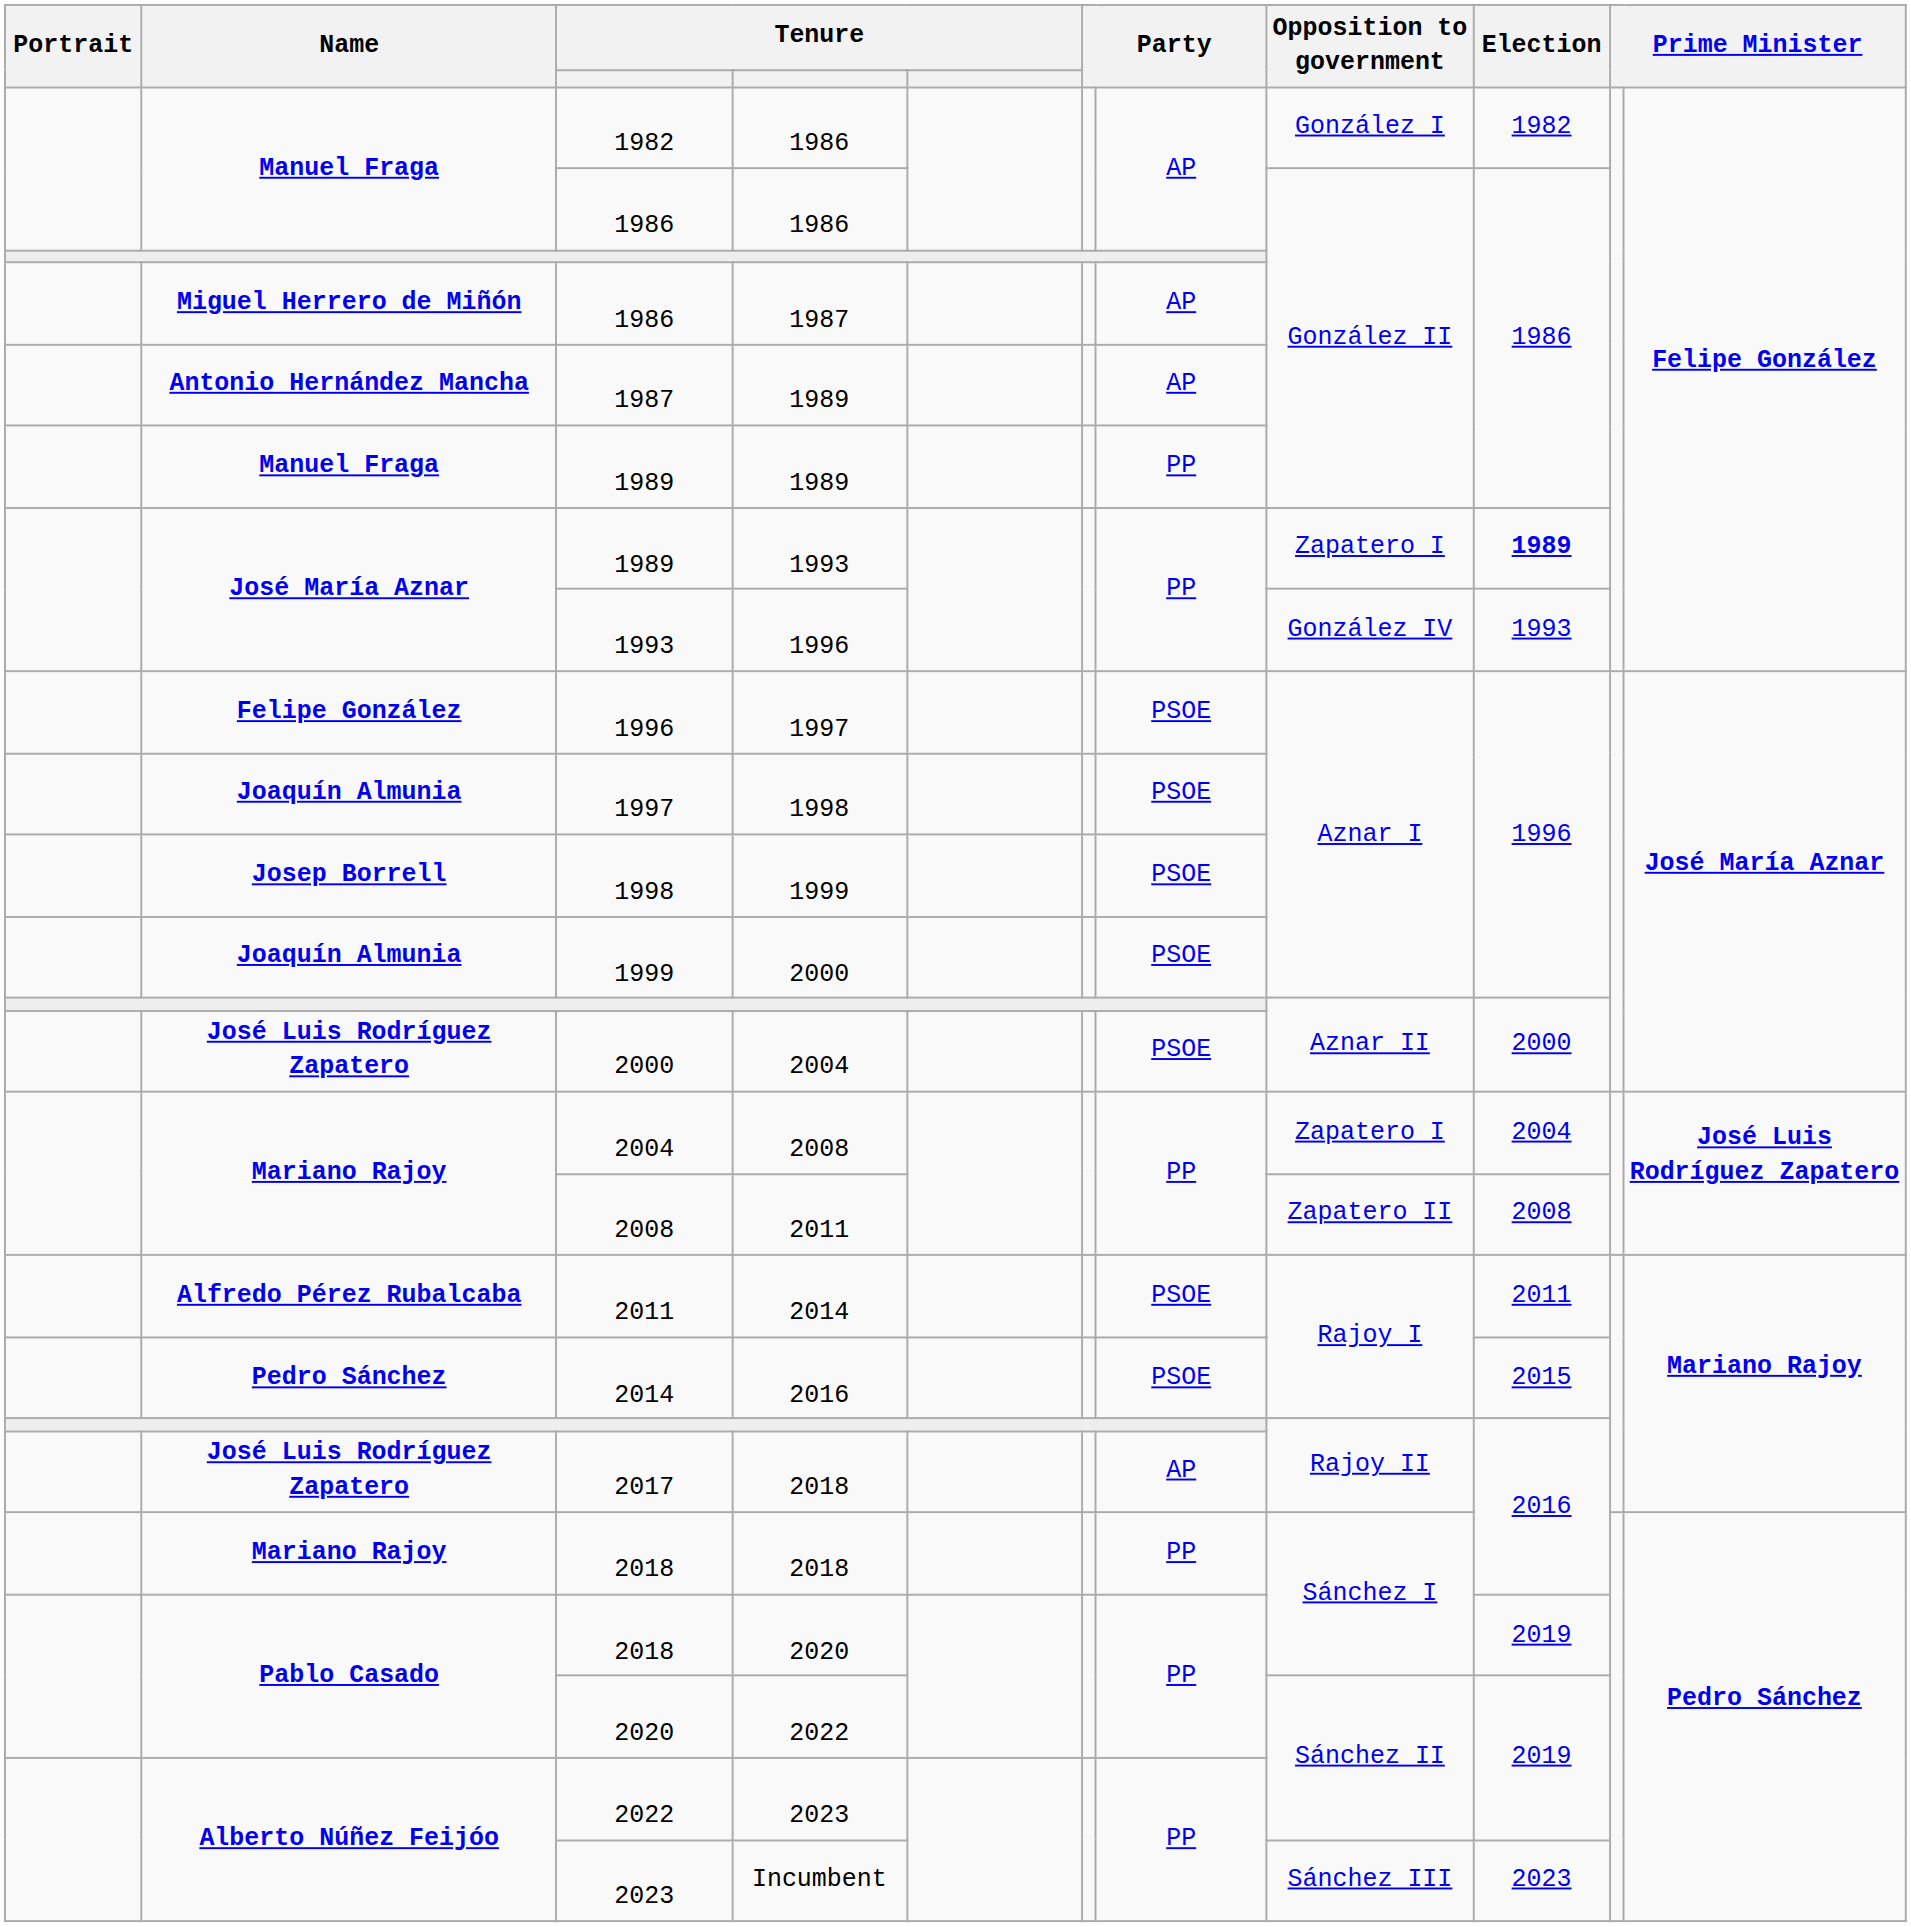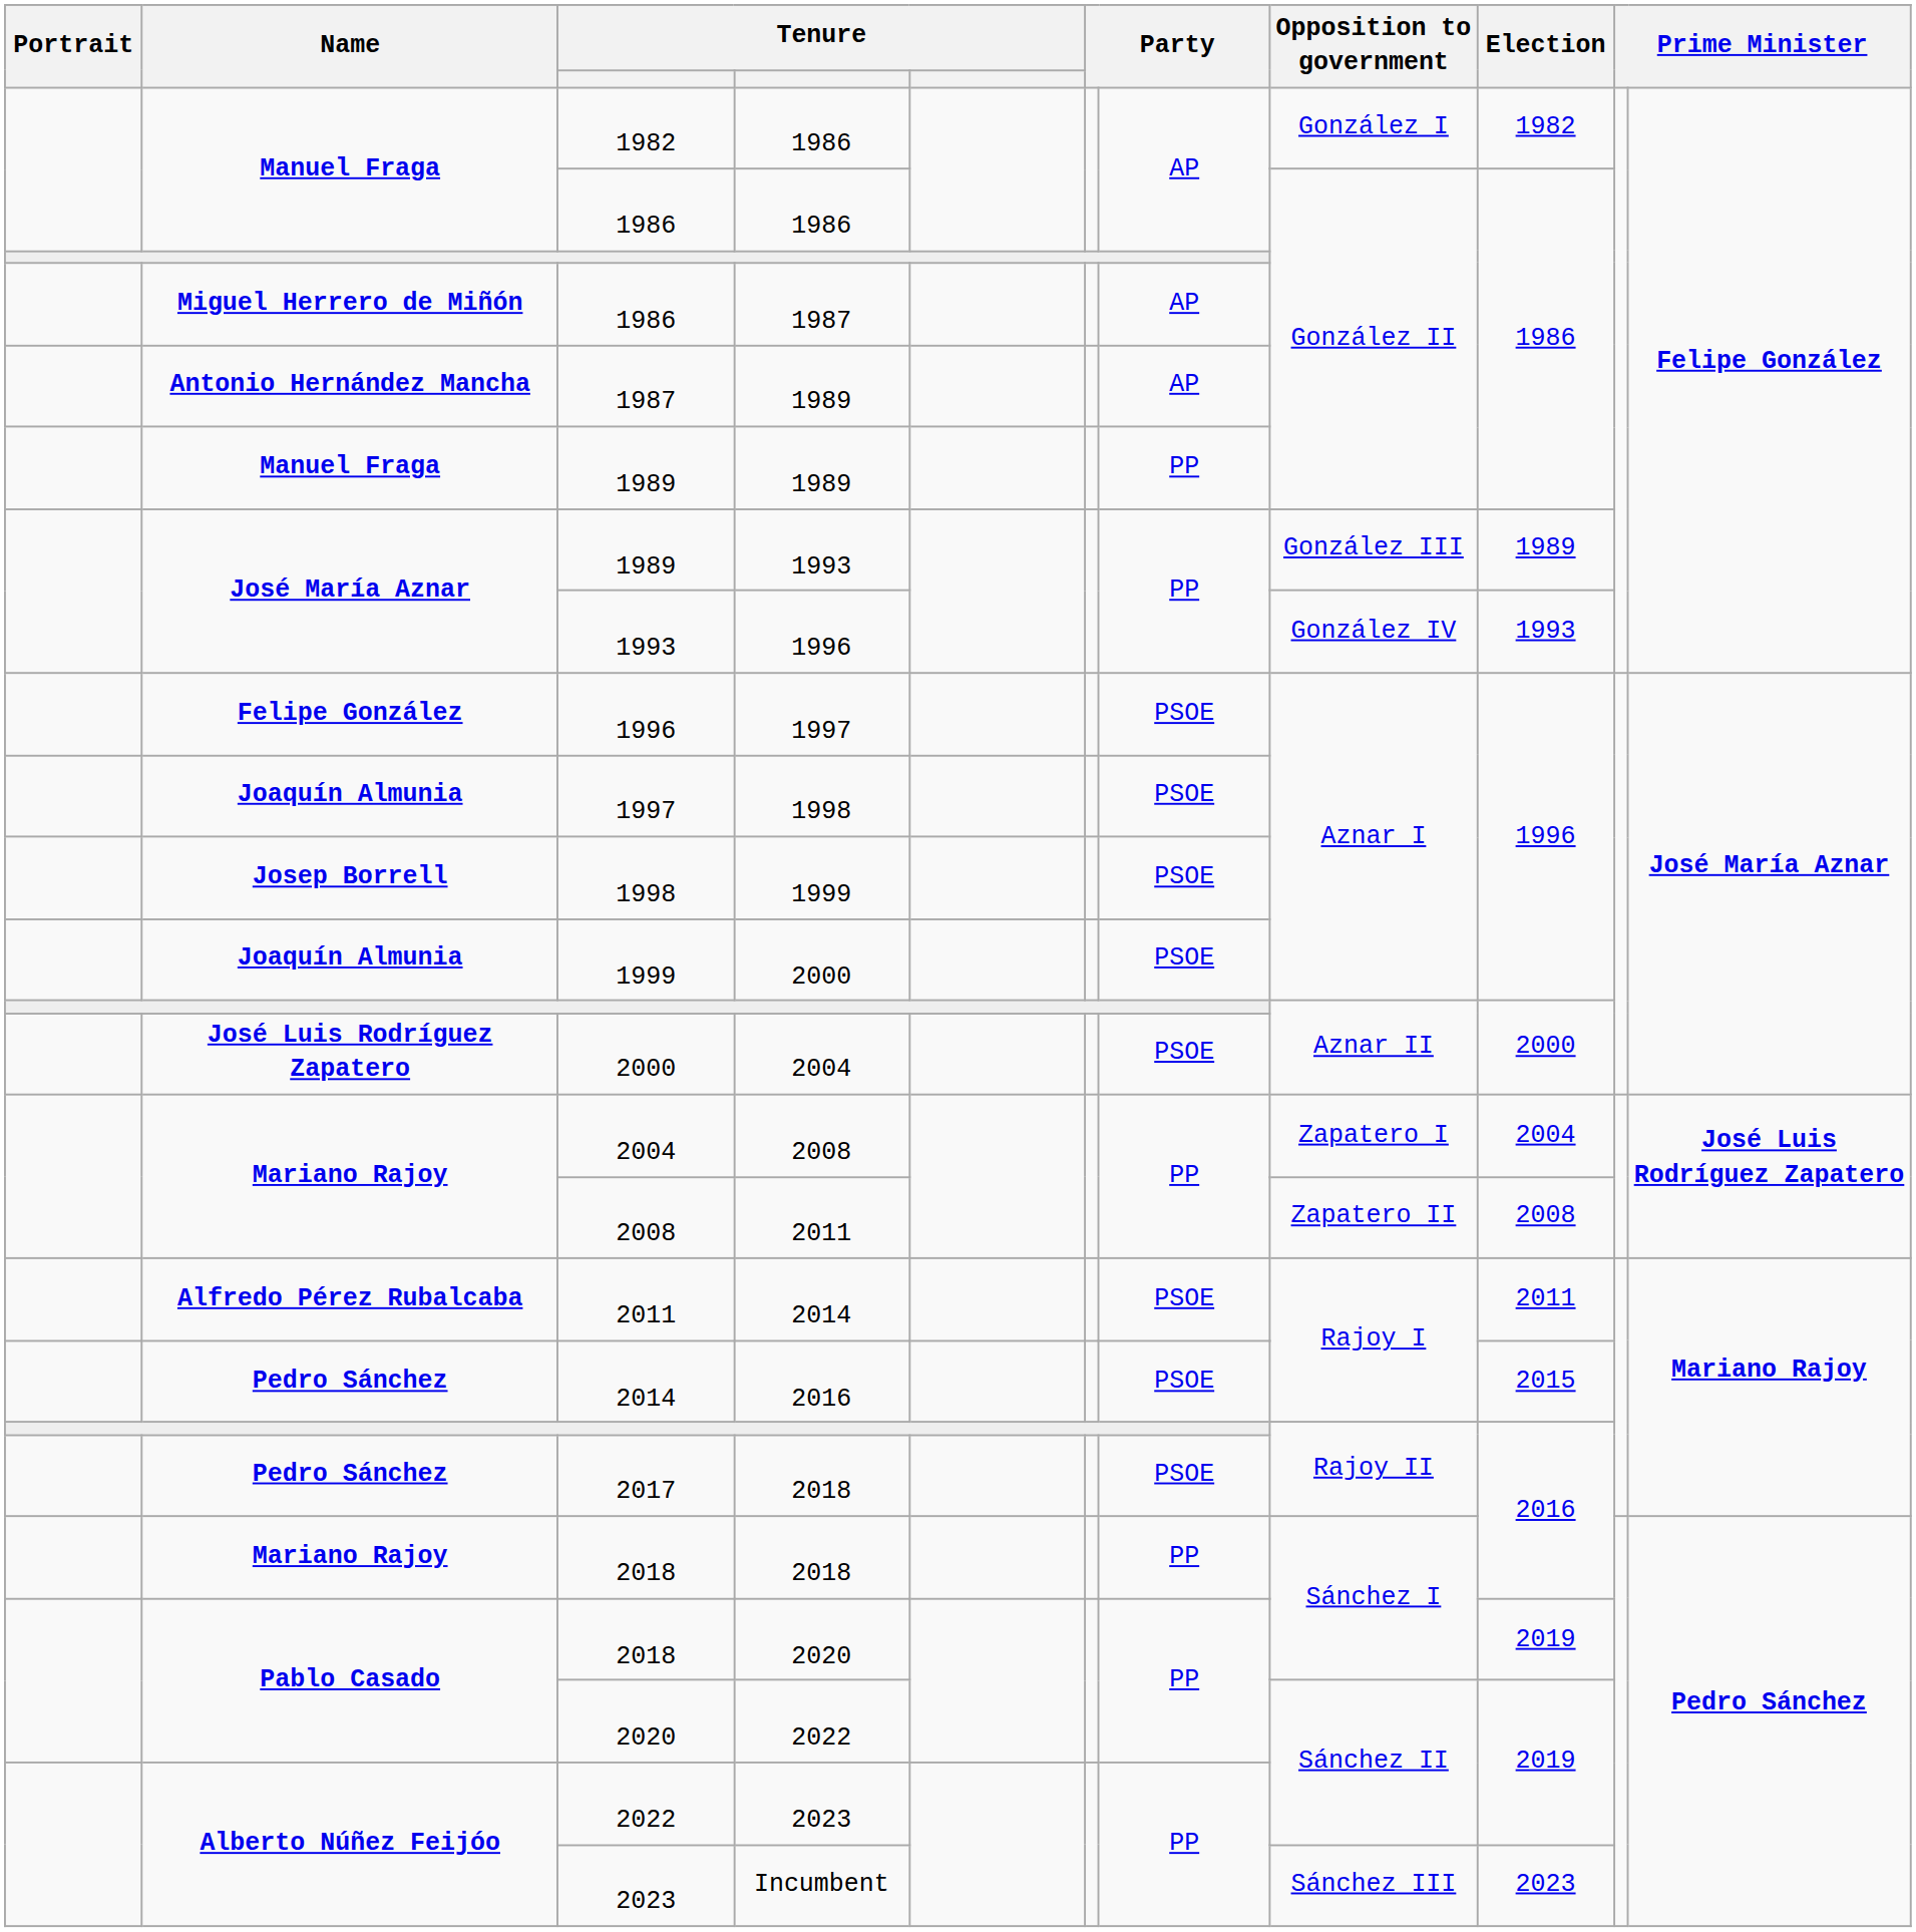 <table class="wikitable" style="line-height:1.4em; text-align:center; border:1px #aaf solid;">
 <tr>
 <th rowspan="2" width="65">Portrait</th>
 <th rowspan="2" width="210">Name<br></th>
 <th colspan="3">Tenure</th>
 <th rowspan="2" colspan="2" width="90">Party</th>
 <th rowspan="2">Opposition to<br>government</th>
 <th rowspan="2" width="65">Election</th>
 <th rowspan="2" colspan="2"><a href='#'>Prime Minister</a><br></th>
 </tr>
 <tr>
 <th width="85"></th>
 <th width="85"></th>
 <th width="85"></th>
 </tr>
 <tr>
 <td rowspan="2"></td>
 <td rowspan="2"><strong><a href='#'>Manuel Fraga</a></strong><br></td>
 <td class="nowrap"><br>1982</td>
 <td class="nowrap"><br>1986</td>
 <td rowspan="2" style="font-size:95%;"></td>
 <td rowspan="2" width="1" style="color:inherit;background:"></td>
 <td rowspan="2"><a href='#'>AP</a></td>
 <td><a href='#'>González I</a></td>
 <td><a href='#'>1982</a></td>
 <td rowspan="8" width="1" style="color:inherit;background:"></td>
 <td scope="row" style="text-align:center;" rowspan="8"><strong><a href='#'>Felipe González</a></strong><br><br></td>
 </tr>
 <tr>
 <td class="nowrap"><br>1986</td>
 <td class="nowrap"><br>1986</td>
 <td rowspan="5"><a href='#'>González II</a></td>
 <td rowspan="5"><a href='#'>1986</a></td>
 </tr>
 <tr>
 <td colspan="7" style="background:#EEEEEE;"></td>
 </tr>
 <tr>
 <td></td>
 <td><strong><a href='#'>Miguel Herrero de Miñón</a></strong><br></td>
 <td class="nowrap"><br>1986</td>
 <td class="nowrap"><br>1987</td>
 <td style="font-size:95%;"></td>
 <td style="color:inherit;background:"></td>
 <td><a href='#'>AP</a></td>
 </tr>
 <tr>
 <td></td>
 <td><strong><a href='#'>Antonio Hernández Mancha</a></strong><br></td>
 <td class="nowrap"><br>1987</td>
 <td class="nowrap"><br>1989</td>
 <td style="font-size:95%;"></td>
 <td style="color:inherit;background:"></td>
 <td><a href='#'>AP</a></td>
 </tr>
 <tr>
 <td></td>
 <td><strong><a href='#'>Manuel Fraga</a></strong><br></td>
 <td class="nowrap"><br>1989</td>
 <td class="nowrap"><br>1989</td>
 <td style="font-size:95%;"></td>
 <td style="color:inherit;background:"></td>
 <td><a href='#'>PP</a></td>
 </tr>
 <tr>
 <td rowspan="2"></td>
 <td rowspan="2"><strong><a href='#'>José María Aznar</a></strong><br></td>
 <td class="nowrap"><br>1989</td>
 <td class="nowrap"><br>1993</td>
 <td rowspan="2" style="font-size:95%;"></td>
 <td rowspan="2" style="color:inherit;background:"></td>
 <td rowspan="2"><a href='#'>PP</a></td>
-<td><a href='#'>Zapatero I</a></td>
-<td><strong><a href='#'>1989</a></strong></td>
+<td><a href='#'>González III</a></td>
+<td><a href='#'>1989</a></td>
 </tr>
 <tr>
 <td class="nowrap"><br>1993</td>
 <td class="nowrap"><br>1996</td>
 <td><a href='#'>González IV</a></td>
 <td><a href='#'>1993</a></td>
 </tr>
 <tr>
 <td></td>
 <td><strong><a href='#'>Felipe González</a></strong><br></td>
 <td class="nowrap"><br>1996</td>
 <td class="nowrap"><br>1997</td>
 <td style="font-size:95%;"></td>
 <td style="color:inherit;background:"></td>
 <td><a href='#'>PSOE</a></td>
 <td rowspan="4"><a href='#'>Aznar I</a></td>
 <td rowspan="4"><a href='#'>1996</a></td>
 <td rowspan="6" style="color:inherit;background:"></td>
 <td scope="row" style="text-align:center;" rowspan="6"><strong><a href='#'>José María Aznar</a></strong><br><br></td>
 </tr>
 <tr>
 <td></td>
 <td><strong><a href='#'>Joaquín Almunia</a></strong><br></td>
 <td class="nowrap"><br>1997</td>
 <td class="nowrap"><br>1998</td>
 <td style="font-size:95%;"></td>
 <td style="color:inherit;background:"></td>
 <td><a href='#'>PSOE</a></td>
 </tr>
 <tr>
 <td></td>
 <td><strong><a href='#'>Josep Borrell</a></strong><br></td>
 <td class="nowrap"><br>1998</td>
 <td class="nowrap"><br>1999</td>
 <td style="font-size:95%;"></td>
 <td style="color:inherit;background:"></td>
 <td><a href='#'>PSOE</a></td>
 </tr>
 <tr>
 <td></td>
 <td><strong><a href='#'>Joaquín Almunia</a></strong><br></td>
 <td class="nowrap"><br>1999</td>
 <td class="nowrap"><br>2000</td>
 <td style="font-size:95%;"></td>
 <td style="color:inherit;background:"></td>
 <td><a href='#'>PSOE</a></td>
 </tr>
 <tr>
 <td colspan="7" style="background:#EEEEEE;"></td>
 <td rowspan="2"><a href='#'>Aznar II</a></td>
 <td rowspan="2"><a href='#'>2000</a></td>
 </tr>
 <tr>
 <td></td>
 <td><strong><a href='#'>José Luis Rodríguez Zapatero</a></strong><br></td>
 <td class="nowrap"><br>2000</td>
 <td class="nowrap"><br>2004</td>
 <td style="font-size:95%;"></td>
 <td style="color:inherit;background:"></td>
 <td><a href='#'>PSOE</a></td>
 </tr>
 <tr>
 <td rowspan="2"></td>
 <td rowspan="2"><strong><a href='#'>Mariano Rajoy</a></strong><br></td>
 <td class="nowrap"><br>2004</td>
 <td class="nowrap"><br>2008</td>
 <td rowspan="2" style="font-size:95%;"></td>
 <td rowspan="2" style="color:inherit;background:"></td>
 <td rowspan="2"><a href='#'>PP</a></td>
 <td><a href='#'>Zapatero I</a></td>
 <td><a href='#'>2004</a></td>
 <td rowspan="2" style="color:inherit;background:"></td>
 <td scope="row" style="text-align:center;" rowspan="2"><strong><a href='#'>José Luis<br>Rodríguez Zapatero</a></strong><br><br></td>
 </tr>
 <tr>
 <td class="nowrap"><br>2008</td>
 <td class="nowrap"><br>2011</td>
 <td><a href='#'>Zapatero II</a></td>
 <td><a href='#'>2008</a></td>
 </tr>
 <tr>
 <td></td>
 <td><strong><a href='#'>Alfredo Pérez Rubalcaba</a></strong><br></td>
 <td class="nowrap"><br>2011</td>
 <td class="nowrap"><br>2014</td>
 <td style="font-size:95%;"></td>
 <td style="color:inherit;background:"></td>
 <td><a href='#'>PSOE</a></td>
 <td rowspan="3"><a href='#'>Rajoy I</a></td>
 <td rowspan="2"><a href='#'>2011</a></td>
 <td rowspan="5" style="color:inherit;background:"></td>
 <td scope="row" style="text-align:center;" rowspan="5"><strong><a href='#'>Mariano Rajoy</a></strong><br><br></td>
 </tr>
 <tr>
 <td rowspan="2"></td>
 <td rowspan="2"><strong><a href='#'>Pedro Sánchez</a></strong><br></td>
 <td rowspan="2" class="nowrap"><br>2014</td>
 <td rowspan="2" class="nowrap"><br>2016</td>
 <td rowspan="2" style="font-size:95%;"></td>
 <td rowspan="2" style="color:inherit;background:"></td>
 <td rowspan="2"><a href='#'>PSOE</a></td>
 </tr>
 <tr>
 <td><a href='#'>2015</a></td>
 </tr>
 <tr>
 <td colspan="7" style="background:#EEEEEE;"></td>
 <td rowspan="2"><a href='#'>Rajoy II</a></td>
 <td rowspan="4"><a href='#'>2016</a></td>
 </tr>
 <tr>
 <td></td>
-<td><strong><a href='#'>José Luis Rodríguez Zapatero</a></strong><br></td>
+<td><strong><a href='#'>Pedro Sánchez</a></strong><br></td>
 <td class="nowrap"><br>2017</td>
 <td class="nowrap"><br>2018</td>
 <td style="font-size:95%;"></td>
 <td style="color:inherit;background:"></td>
-<td><a href='#'>AP</a></td>
+<td><a href='#'>PSOE</a></td>
 </tr>
 <tr>
 <td></td>
 <td><strong><a href='#'>Mariano Rajoy</a></strong><br></td>
 <td class="nowrap"><br>2018</td>
 <td class="nowrap"><br>2018</td>
 <td style="font-size:95%;"></td>
 <td style="color:inherit;background:"></td>
 <td><a href='#'>PP</a></td>
 <td rowspan="3"><a href='#'>Sánchez I</a></td>
 <td rowspan="6" style="color:inherit;background:"></td>
 <td scope="row" style="text-align:center;" rowspan="6"><strong><a href='#'>Pedro Sánchez</a></strong><br><br></td>
 </tr>
 <tr>
 <td rowspan="3"></td>
 <td rowspan="3"><strong><a href='#'>Pablo Casado</a></strong><br></td>
 <td rowspan="2" class="nowrap"><br>2018</td>
 <td rowspan="2" class="nowrap"><br>2020</td>
 <td rowspan="3" style="font-size:95%;"></td>
 <td rowspan="3" style="color:inherit;background:"></td>
 <td rowspan="3"><a href='#'>PP</a></td>
 </tr>
 <tr>
 <td><a href='#'> 2019</a></td>
 </tr>
 <tr>
 <td class="nowrap"><br>2020</td>
 <td class="nowrap"><br>2022</td>
 <td rowspan="2"><a href='#'>Sánchez II</a></td>
 <td rowspan="2"><a href='#'> 2019</a></td>
 </tr>
 <tr>
 <td rowspan="2"></td>
 <td rowspan="2"><strong><a href='#'>Alberto Núñez Feijóo</a></strong><br></td>
 <td class="nowrap"><br>2022</td>
 <td class="nowrap"><br>2023</td>
 <td rowspan="2" style="font-size:95%;"></td>
 <td rowspan="2" style="color:inherit;background:"></td>
 <td rowspan="2"><a href='#'>PP</a></td>
 </tr>
 <tr>
 <td class="nowrap"><br>2023</td>
 <td class="nowrap">Incumbent</td>
 <td><a href='#'>Sánchez III</a></td>
 <td><a href='#'>2023</a></td>
 </tr>
 </table>
